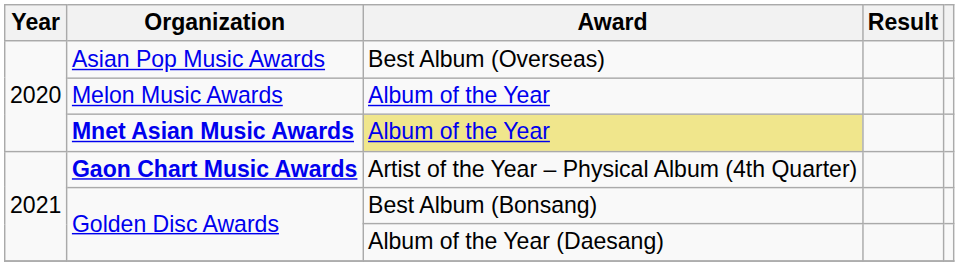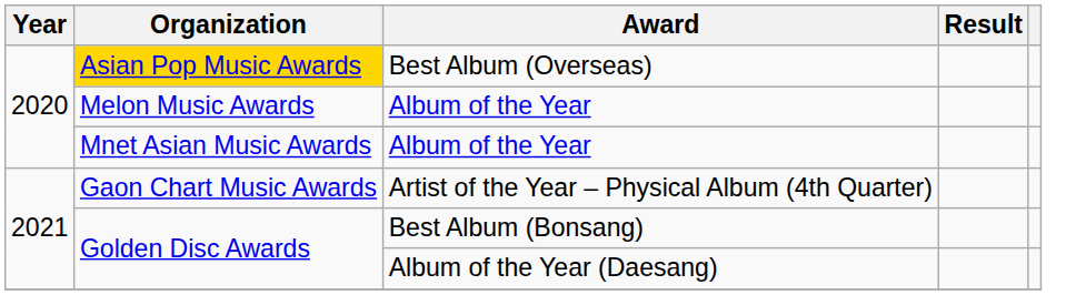 <table class="wikitable sortable plainrowheaders">
 <tr>
 <th scope="col">Year</th>
 <th scope="col">Organization</th>
 <th scope="col">Award</th>
 <th scope="col">Result</th>
 <th scope="col" class="unsortable"></th>
 </tr>
 <tr>
 <td rowspan="3">2020</td>
-<td><a href='#'>Asian Pop Music Awards</a></td>
+<td style="background: gold;"><a href='#'>Asian Pop Music Awards</a></td>
 <td>Best Album (Overseas)</td>
 <td></td>
 <td style="text-align:center;"></td>
 </tr>
 <tr>
 <td><a href='#'>Melon Music Awards</a></td>
 <td><a href='#'>Album of the Year</a></td>
 <td></td>
 <td style="text-align:center;"></td>
 </tr>
 <tr>
-<td><strong><a href='#'>Mnet Asian Music Awards</a></strong></td>
-<td style="background: khaki;"><a href='#'>Album of the Year</a></td>
+<td><a href='#'>Mnet Asian Music Awards</a></td>
+<td><a href='#'>Album of the Year</a></td>
 <td></td>
 <td style="text-align:center;"></td>
 </tr>
 <tr>
 <td rowspan="3">2021</td>
-<td><strong><a href='#'>Gaon Chart Music Awards</a></strong></td>
+<td><a href='#'>Gaon Chart Music Awards</a></td>
 <td>Artist of the Year – Physical Album (4th Quarter)</td>
 <td></td>
 <td style="text-align:center;"></td>
 </tr>
 <tr>
 <td rowspan="2"><a href='#'>Golden Disc Awards</a></td>
 <td>Best Album (Bonsang)</td>
 <td></td>
 <td style="text-align:center"></td>
 </tr>
 <tr>
 <td>Album of the Year (Daesang)</td>
 <td></td>
 <td style="text-align:center"></td>
 </tr>
 <tr>
 </tr>
 </table>
